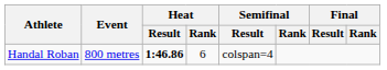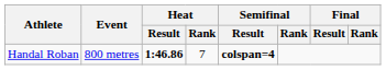 <table class="wikitable" style="font-size:90%">
 <tr>
 <th rowspan="2">Athlete</th>
 <th rowspan="2">Event</th>
 <th colspan="2">Heat</th>
 <th colspan="2">Semifinal</th>
 <th colspan="2">Final</th>
 </tr>
 <tr style="font-size:95%">
 <th>Result</th>
 <th>Rank</th>
 <th>Result</th>
 <th>Rank</th>
 <th>Result</th>
 <th>Rank</th>
 </tr>
 <tr align=center>
 <td align=left><a href='#'>Handal Roban</a></td>
 <td align=left><a href='#'>800 metres</a></td>
 <td><strong>1:46.86</strong></td>
-<td>6</td>
-<td>colspan=4 </td>
+<td>7</td>
+<td><strong>colspan=4 </strong></td>
 </tr>
 </table>
